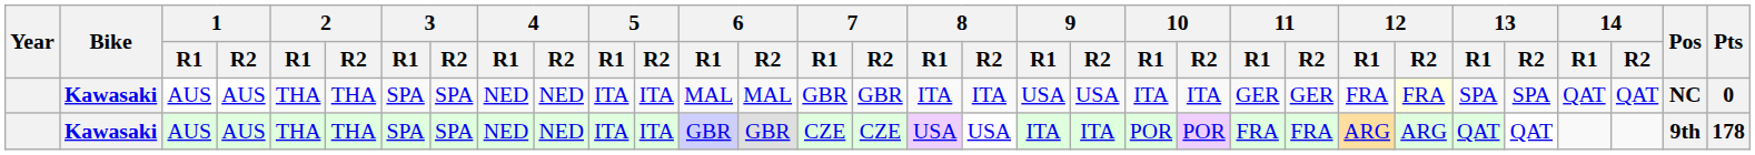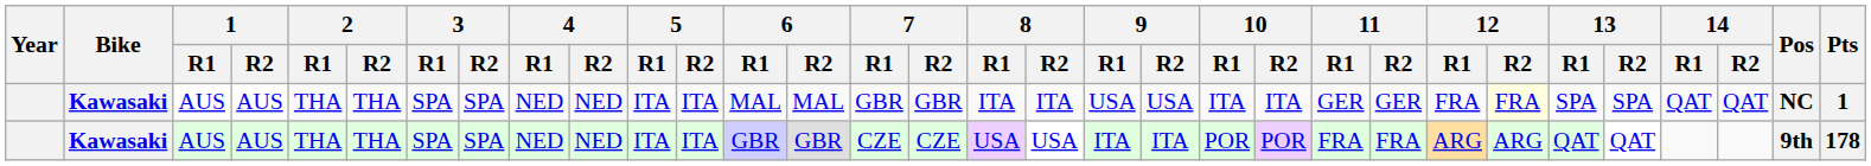 <table class="wikitable" style="text-align:center; font-size:90%;">
 <tr>
 <th rowspan="2">Year</th>
 <th rowspan="2">Bike</th>
 <th colspan="2">1</th>
 <th colspan="2">2</th>
 <th colspan="2">3</th>
 <th colspan="2">4</th>
 <th colspan="2">5</th>
 <th colspan="2">6</th>
 <th colspan="2">7</th>
 <th colspan="2">8</th>
 <th colspan="2">9</th>
 <th colspan="2">10</th>
 <th colspan="2">11</th>
 <th colspan="2">12</th>
 <th colspan="2">13</th>
 <th colspan="2">14</th>
 <th rowspan="2">Pos</th>
 <th rowspan="2">Pts</th>
 </tr>
 <tr>
 <th>R1</th>
 <th>R2</th>
 <th>R1</th>
 <th>R2</th>
 <th>R1</th>
 <th>R2</th>
 <th>R1</th>
 <th>R2</th>
 <th>R1</th>
 <th>R2</th>
 <th>R1</th>
 <th>R2</th>
 <th>R1</th>
 <th>R2</th>
 <th>R1</th>
 <th>R2</th>
 <th>R1</th>
 <th>R2</th>
 <th>R1</th>
 <th>R2</th>
 <th>R1</th>
 <th>R2</th>
 <th>R1</th>
 <th>R2</th>
 <th>R1</th>
 <th>R2</th>
 <th>R1</th>
 <th>R2</th>
 </tr>
 <tr>
 <th></th>
 <th><a href='#'>Kawasaki</a></th>
 <td style="background:#FFFFFF;"><a href='#'>AUS</a><br></td>
 <td style="background:#FFFFFF;"><a href='#'>AUS</a><br></td>
 <td><a href='#'>THA</a></td>
 <td><a href='#'>THA</a></td>
 <td><a href='#'>SPA</a></td>
 <td><a href='#'>SPA</a></td>
 <td><a href='#'>NED</a></td>
 <td><a href='#'>NED</a></td>
 <td><a href='#'>ITA</a></td>
 <td><a href='#'>ITA</a></td>
 <td><a href='#'>MAL</a></td>
 <td><a href='#'>MAL</a></td>
 <td><a href='#'>GBR</a></td>
 <td><a href='#'>GBR</a></td>
 <td><a href='#'>ITA</a></td>
 <td><a href='#'>ITA</a></td>
 <td><a href='#'>USA</a></td>
 <td><a href='#'>USA</a></td>
 <td><a href='#'>ITA</a></td>
 <td><a href='#'>ITA</a></td>
 <td><a href='#'>GER</a></td>
 <td><a href='#'>GER</a></td>
 <td><a href='#'>FRA</a></td>
 <td style="background: lightyellow;"><a href='#'>FRA</a></td>
 <td><a href='#'>SPA</a></td>
 <td><a href='#'>SPA</a></td>
 <td><a href='#'>QAT</a></td>
 <td><a href='#'>QAT</a></td>
 <th>NC</th>
-<th>0</th>
+<th>1</th>
 </tr>
 <tr>
 <th></th>
 <th><a href='#'>Kawasaki</a></th>
 <td style="background:#dfffdf;"><a href='#'>AUS</a><br></td>
 <td style="background:#dfffdf;"><a href='#'>AUS</a><br></td>
 <td style="background:#dfffdf;"><a href='#'>THA</a><br></td>
 <td style="background:#dfffdf;"><a href='#'>THA</a><br></td>
 <td style="background:#dfffdf;"><a href='#'>SPA</a><br></td>
 <td style="background:#dfffdf;"><a href='#'>SPA</a><br></td>
 <td style="background:#dfffdf;"><a href='#'>NED</a><br></td>
 <td style="background:#dfffdf;"><a href='#'>NED</a><br></td>
 <td style="background:#dfffdf;"><a href='#'>ITA</a><br></td>
 <td style="background:#dfffdf;"><a href='#'>ITA</a><br></td>
 <td style="background:#cfcfff;"><a href='#'>GBR</a><br></td>
 <td style="background:#dfdfdf;"><a href='#'>GBR</a><br></td>
 <td style="background:#dfffdf;"><a href='#'>CZE</a><br></td>
 <td style="background:#dfffdf;"><a href='#'>CZE</a><br></td>
 <td style="background:#efcfff;"><a href='#'>USA</a><br></td>
 <td style="background:#ffffff;"><a href='#'>USA</a><br></td>
 <td style="background:#dfffdf;"><a href='#'>ITA</a><br></td>
 <td style="background:#dfffdf;"><a href='#'>ITA</a><br></td>
 <td style="background:#dfffdf;"><a href='#'>POR</a><br></td>
 <td style="background:#efcfff;"><a href='#'>POR</a><br></td>
 <td style="background:#dfffdf;"><a href='#'>FRA</a><br></td>
 <td style="background:#dfffdf;"><a href='#'>FRA</a><br></td>
 <td style="background:#ffdf9f;"><a href='#'>ARG</a><br></td>
 <td style="background:#dfffdf;"><a href='#'>ARG</a><br></td>
 <td style="background:#dfffdf;"><a href='#'>QAT</a><br></td>
 <td style="background:#ffffff;"><a href='#'>QAT</a><br></td>
 <td></td>
 <td></td>
 <th>9th</th>
 <th>178</th>
 </tr>
 </table>
